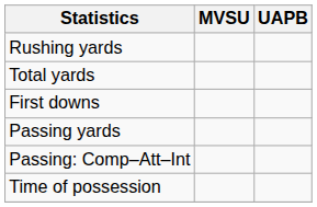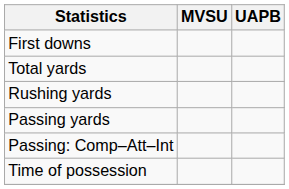 <table class="wikitable" style="float: left;">
 <tr>
 <th>Statistics</th>
 <th>MVSU</th>
 <th>UAPB</th>
 </tr>
 <tr>
-<td>Rushing yards</td>
+<td>First downs</td>
 <td></td>
 <td></td>
 </tr>
 <tr>
 <td>Total yards</td>
 <td></td>
 <td></td>
 </tr>
 <tr>
-<td>First downs</td>
+<td>Rushing yards</td>
 <td></td>
 <td></td>
 </tr>
 <tr>
 <td>Passing yards</td>
 <td></td>
 <td></td>
 </tr>
 <tr>
 <td>Passing: Comp–Att–Int</td>
 <td></td>
 <td></td>
 </tr>
 <tr>
 <td>Time of possession</td>
 <td></td>
 <td></td>
 </tr>
 <tr>
 </tr>
 </table>
